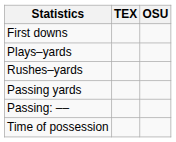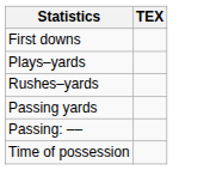 <table class="wikitable" style="float:left">
 <tr>
 <th>Statistics</th>
 <th>TEX</th>
-<th>OSU</th>
 </tr>
 <tr>
 <td>First downs</td>
-<td></td>
 <td></td>
 </tr>
 <tr>
 <td>Plays–yards</td>
 <td></td>
-<td></td>
 </tr>
 <tr>
 <td>Rushes–yards</td>
-<td></td>
 <td></td>
 </tr>
 <tr>
 <td>Passing yards</td>
 <td></td>
-<td></td>
 </tr>
 <tr>
 <td>Passing: ––</td>
-<td></td>
 <td></td>
 </tr>
 <tr>
 <td>Time of possession</td>
 <td></td>
-<td></td>
 </tr>
 </table>
